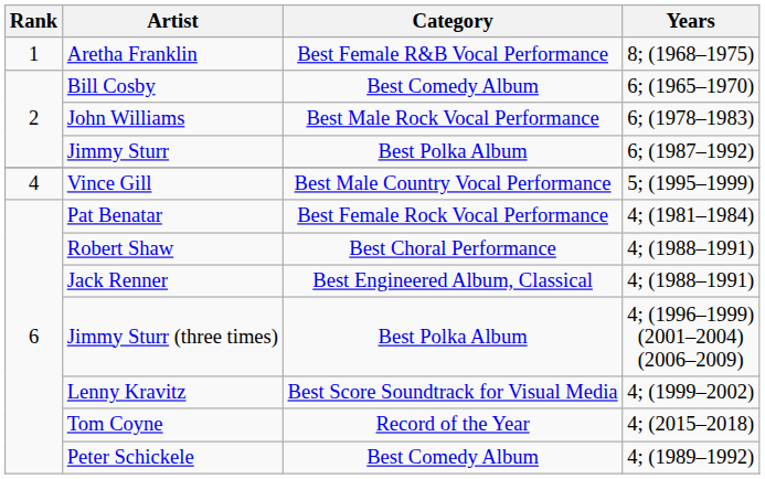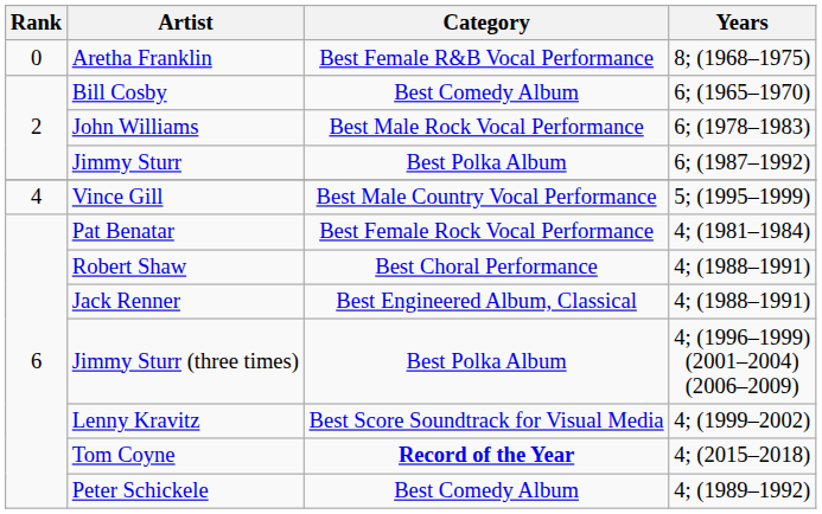 <table class="wikitable" style="text-align: center; cellpadding: 2;">
 <tr>
 <th>Rank</th>
 <th>Artist</th>
 <th>Category</th>
 <th>Years</th>
 </tr>
 <tr>
-<td>1</td>
+<td>0</td>
 <td style="text-align: left;"><a href='#'>Aretha Franklin</a></td>
 <td><a href='#'>Best Female R&B Vocal Performance</a></td>
 <td>8; (1968–1975)</td>
 </tr>
 <tr>
 <td rowspan="3">2</td>
 <td style="text-align: left;"><a href='#'>Bill Cosby</a></td>
 <td><a href='#'>Best Comedy Album</a></td>
 <td>6; (1965–1970)</td>
 </tr>
 <tr>
 <td style="text-align: left;"><a href='#'>John Williams</a></td>
 <td><a href='#'>Best Male Rock Vocal Performance</a></td>
 <td>6; (1978–1983)</td>
 </tr>
 <tr>
 <td style="text-align: left;"><a href='#'>Jimmy Sturr</a></td>
 <td><a href='#'>Best Polka Album</a></td>
 <td>6; (1987–1992)</td>
 </tr>
 <tr>
 </tr>
 <tr>
 <td rowspan="1">4</td>
 <td style="text-align: left;"><a href='#'>Vince Gill</a></td>
 <td><a href='#'>Best Male Country Vocal Performance</a></td>
 <td>5; (1995–1999)</td>
 </tr>
 <tr>
 <td rowspan="7">6</td>
 <td style="text-align: left;"><a href='#'>Pat Benatar</a></td>
 <td><a href='#'>Best Female Rock Vocal Performance</a></td>
 <td>4; (1981–1984)</td>
 </tr>
 <tr>
 <td style="text-align: left;"><a href='#'>Robert Shaw</a></td>
 <td><a href='#'>Best Choral Performance</a></td>
 <td>4; (1988–1991)</td>
 </tr>
 <tr>
 <td style="text-align: left;"><a href='#'>Jack Renner</a></td>
 <td><a href='#'>Best Engineered Album, Classical</a></td>
 <td>4; (1988–1991)</td>
 </tr>
 <tr>
 <td style="text-align: left;"><a href='#'>Jimmy Sturr</a> (three times)</td>
 <td><a href='#'>Best Polka Album</a></td>
 <td>4; (1996–1999) <br> (2001–2004) <br> (2006–2009)</td>
 </tr>
 <tr>
 <td style="text-align: left;"><a href='#'>Lenny Kravitz</a></td>
 <td><a href='#'>Best Score Soundtrack for Visual Media</a></td>
 <td>4; (1999–2002)</td>
 </tr>
 <tr>
 <td style="text-align: left;"><a href='#'>Tom Coyne</a></td>
-<td><a href='#'>Record of the Year</a></td>
+<td><strong><a href='#'>Record of the Year</a></strong></td>
 <td>4; (2015–2018)</td>
 </tr>
 <tr>
 <td style="text-align: left;"><a href='#'>Peter Schickele</a></td>
 <td><a href='#'>Best Comedy Album</a></td>
 <td>4; (1989–1992)</td>
 </tr>
 </table>
